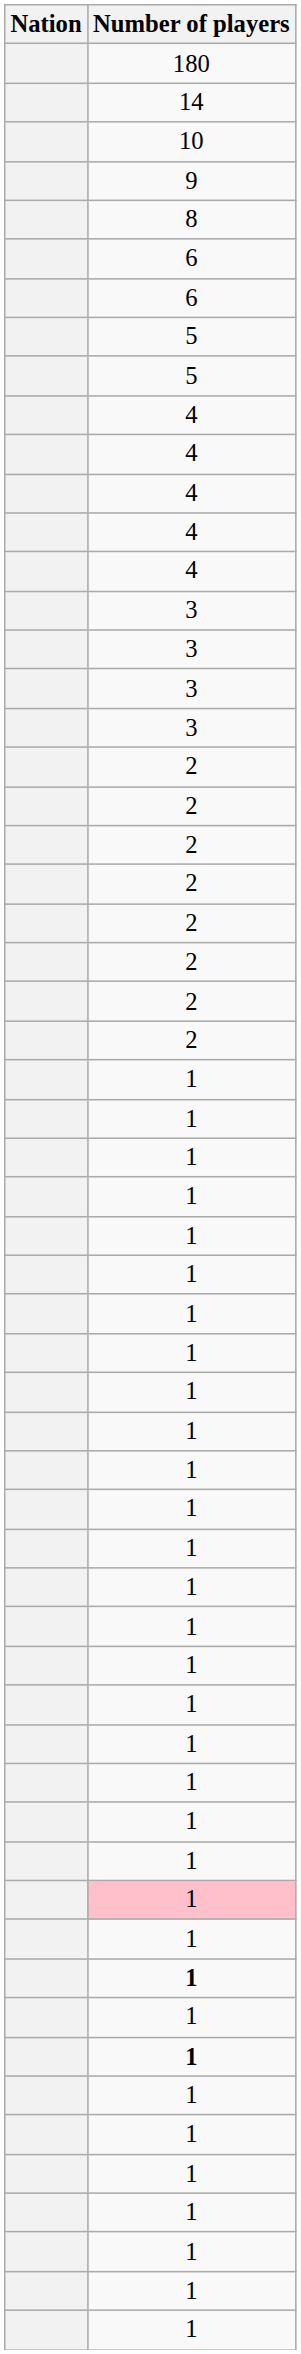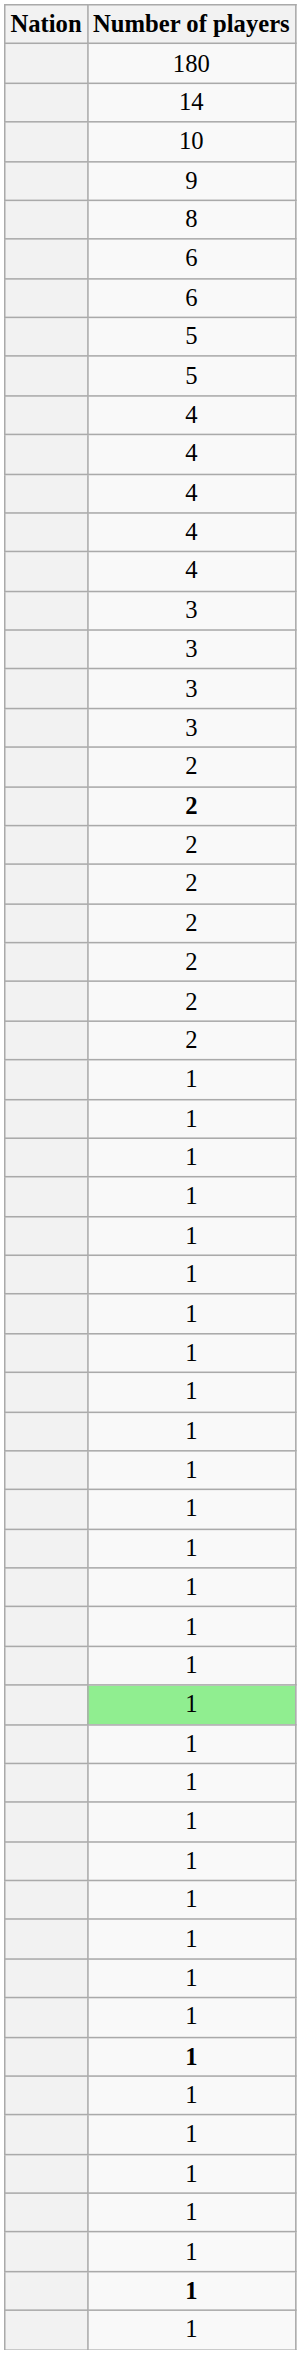 <table class="wikitable sortable plainrowheaders" style="text-align:center">
 <tr>
 <th scope="col">Nation</th>
 <th scope="col">Number of players</th>
 </tr>
 <tr>
 <th scope="row"></th>
 <td>180</td>
 </tr>
 <tr>
 <th scope="row"></th>
 <td>14</td>
 </tr>
 <tr>
 <th scope="row"></th>
 <td>10</td>
 </tr>
 <tr>
 <th scope="row"></th>
 <td>9</td>
 </tr>
 <tr>
 <th scope="row"></th>
 <td>8</td>
 </tr>
 <tr>
 <th scope="row"></th>
 <td>6</td>
 </tr>
 <tr>
 <th scope="row"></th>
 <td>6</td>
 </tr>
 <tr>
 <th scope="row"></th>
 <td>5</td>
 </tr>
 <tr>
 <th scope="row"></th>
 <td>5</td>
 </tr>
 <tr>
 <th scope="row"></th>
 <td>4</td>
 </tr>
 <tr>
 <th scope="row"></th>
 <td>4</td>
 </tr>
 <tr>
 <th scope="row"></th>
 <td>4</td>
 </tr>
 <tr>
 <th scope="row"></th>
 <td>4</td>
 </tr>
 <tr>
 <th scope="row"></th>
 <td>4</td>
 </tr>
 <tr>
 <th scope="row"></th>
 <td>3</td>
 </tr>
 <tr>
 <th scope="row"></th>
 <td>3</td>
 </tr>
 <tr>
 <th scope="row"></th>
 <td>3</td>
 </tr>
 <tr>
 <th scope="row"></th>
 <td>3</td>
 </tr>
 <tr>
 <th scope="row"></th>
 <td>2</td>
 </tr>
 <tr>
 <th scope="row"></th>
-<td>2</td>
+<td><strong>2</strong></td>
 </tr>
 <tr>
 <th scope="row"></th>
 <td>2</td>
 </tr>
 <tr>
 <th scope="row"></th>
 <td>2</td>
 </tr>
 <tr>
 <th scope="row"></th>
 <td>2</td>
 </tr>
 <tr>
 <th scope="row"></th>
 <td>2</td>
 </tr>
 <tr>
 <th scope="row"></th>
 <td>2</td>
 </tr>
 <tr>
 <th scope="row"></th>
 <td>2</td>
 </tr>
 <tr>
 <th scope="row"></th>
 <td>1</td>
 </tr>
 <tr>
 <th scope="row"></th>
 <td>1</td>
 </tr>
 <tr>
 <th scope="row"></th>
 <td>1</td>
 </tr>
 <tr>
 <th scope="row"></th>
 <td>1</td>
 </tr>
 <tr>
 <th scope="row"></th>
 <td>1</td>
 </tr>
 <tr>
 <th scope="row"></th>
 <td>1</td>
 </tr>
 <tr>
 <th scope="row"></th>
 <td>1</td>
 </tr>
 <tr>
 <th scope="row"></th>
 <td>1</td>
 </tr>
 <tr>
 <th scope="row"></th>
 <td>1</td>
 </tr>
 <tr>
 <th scope="row"></th>
 <td>1</td>
 </tr>
 <tr>
 <th scope="row"></th>
 <td>1</td>
 </tr>
 <tr>
 <th scope="row"></th>
 <td>1</td>
 </tr>
 <tr>
 <th scope="row"></th>
 <td>1</td>
 </tr>
 <tr>
 <th scope="row"></th>
 <td>1</td>
 </tr>
 <tr>
 <th scope="row"></th>
 <td>1</td>
 </tr>
 <tr>
 <th scope="row"></th>
 <td>1</td>
 </tr>
 <tr>
 <th scope="row"></th>
+<td style="background: lightgreen;">1</td>
+</tr>
+<tr>
+<th scope="row"></th>
 <td>1</td>
 </tr>
 <tr>
 <th scope="row"></th>
 <td>1</td>
 </tr>
 <tr>
 <th scope="row"></th>
 <td>1</td>
 </tr>
 <tr>
 <th scope="row"></th>
 <td>1</td>
 </tr>
 <tr>
 <th scope="row"></th>
 <td>1</td>
 </tr>
 <tr>
 <th scope="row"></th>
-<td style="background: pink;">1</td>
+<td>1</td>
 </tr>
 <tr>
 <th scope="row"></th>
 <td>1</td>
-</tr>
-<tr>
-<th scope="row"></th>
-<td><strong>1</strong></td>
 </tr>
 <tr>
 <th scope="row"></th>
 <td>1</td>
 </tr>
 <tr>
 <th scope="row"></th>
 <td><strong>1</strong></td>
 </tr>
 <tr>
 <th scope="row"></th>
 <td>1</td>
 </tr>
 <tr>
 <th scope="row"></th>
 <td>1</td>
 </tr>
 <tr>
 <th scope="row"></th>
 <td>1</td>
 </tr>
 <tr>
 <th scope="row"></th>
 <td>1</td>
 </tr>
 <tr>
 <th scope="row"></th>
 <td>1</td>
 </tr>
 <tr>
 <th scope="row"></th>
-<td>1</td>
+<td><strong>1</strong></td>
 </tr>
 <tr>
 <th scope="row"></th>
 <td>1</td>
 </tr>
 </table>
